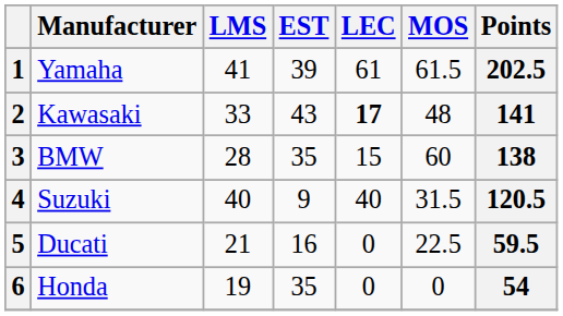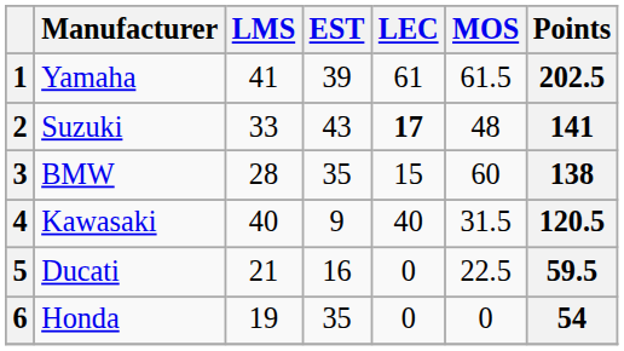 <table class="wikitable" style="font-size:85%; text-align:center">
 <tr>
 <th></th>
 <th>Manufacturer</th>
 <th><a href='#'>LMS</a><br></th>
 <th><a href='#'>EST</a><br></th>
 <th><a href='#'>LEC</a><br></th>
 <th><a href='#'>MOS</a><br></th>
 <th>Points</th>
 </tr>
 <tr>
 <th>1</th>
 <td align=left> <a href='#'>Yamaha</a></td>
 <td>41</td>
 <td>39</td>
 <td>61</td>
 <td>61.5</td>
 <th>202.5</th>
 </tr>
 <tr>
 <th>2</th>
-<td align=left> <a href='#'>Kawasaki</a></td>
+<td align=left> <a href='#'>Suzuki</a></td>
 <td>33</td>
 <td>43</td>
 <td><strong>17</strong></td>
 <td>48</td>
 <th>141</th>
 </tr>
 <tr>
 <th>3</th>
 <td align=left> <a href='#'>BMW</a></td>
 <td>28</td>
 <td>35</td>
 <td>15</td>
 <td>60</td>
 <th>138</th>
 </tr>
 <tr>
 <th>4</th>
-<td align=left> <a href='#'>Suzuki</a></td>
+<td align=left> <a href='#'>Kawasaki</a></td>
 <td>40</td>
 <td>9</td>
 <td>40</td>
 <td>31.5</td>
 <th>120.5</th>
 </tr>
 <tr>
 <th>5</th>
 <td align=left> <a href='#'>Ducati</a></td>
 <td>21</td>
 <td>16</td>
 <td>0</td>
 <td>22.5</td>
 <th>59.5</th>
 </tr>
 <tr>
 <th>6</th>
 <td align=left> <a href='#'>Honda</a></td>
 <td>19</td>
 <td>35</td>
 <td>0</td>
 <td>0</td>
 <th>54</th>
 </tr>
 <tr>
 </tr>
 </table>
